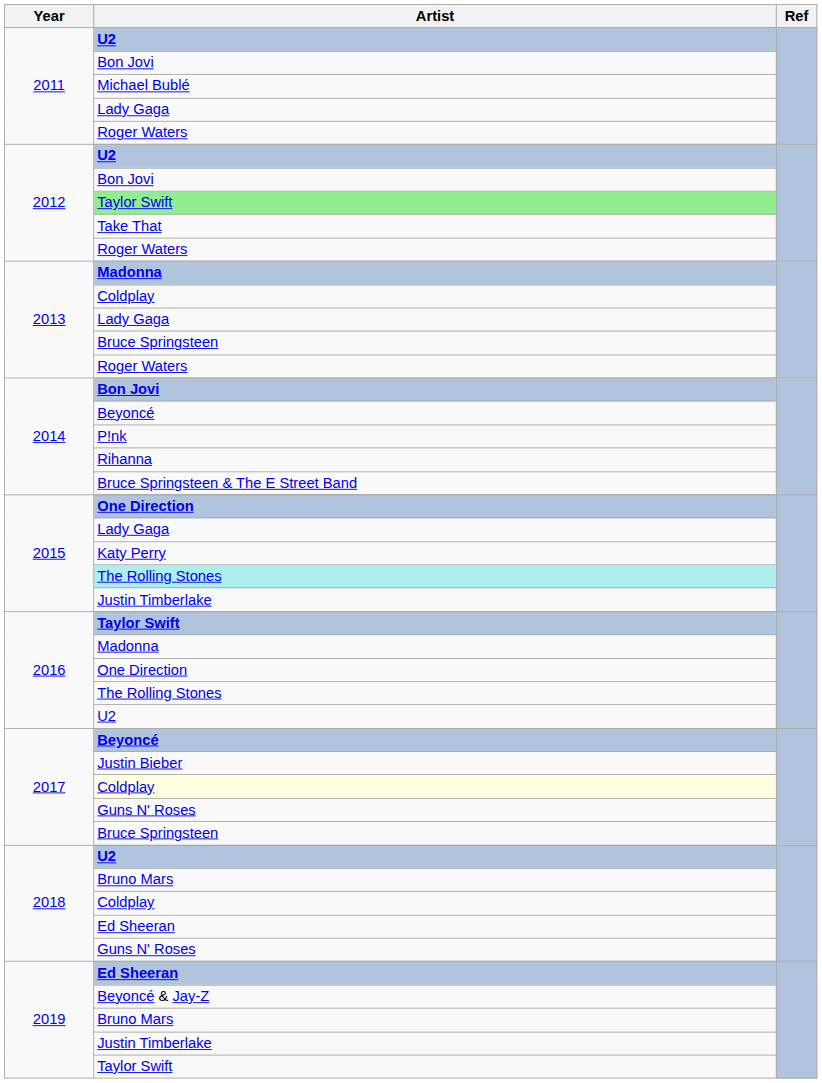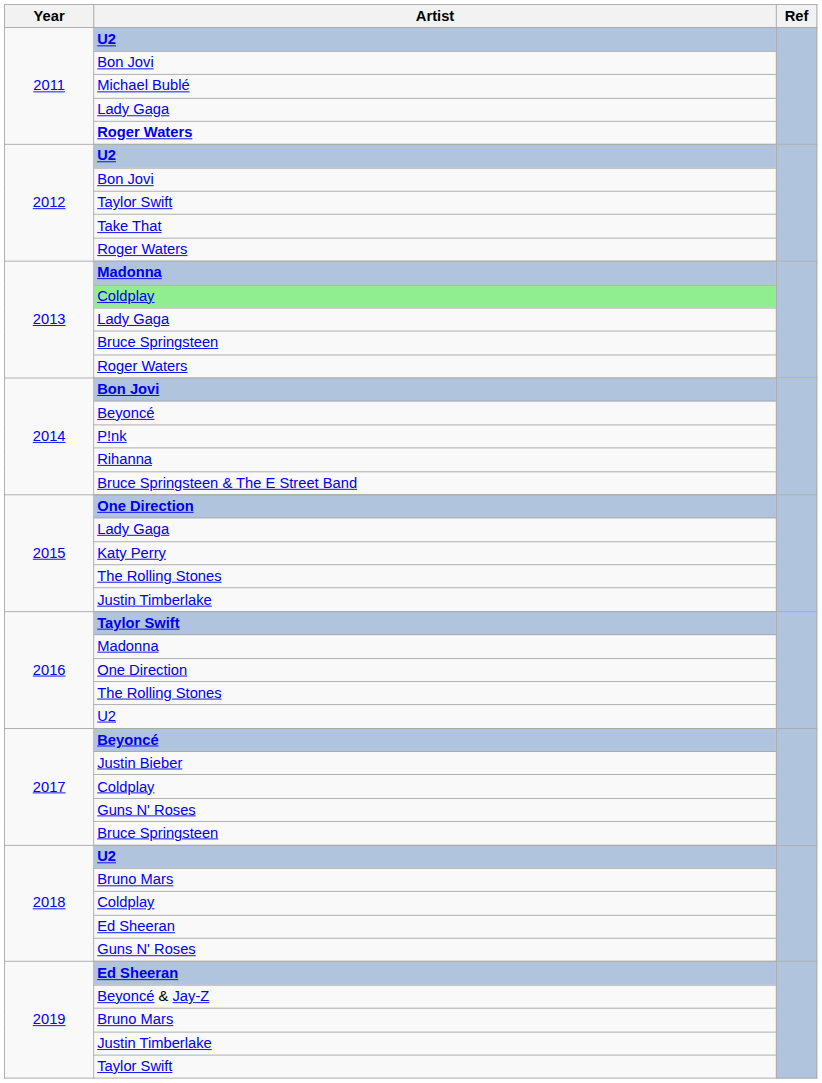 <table class="wikitable" style="width:100%;">
 <tr style="background:#bebebe;">
 <th style="width:11%;">Year</th>
 <th style="width:84%;">Artist</th>
 <th style="width:5%;">Ref</th>
 </tr>
 <tr>
 <td rowspan="6" align="center"><a href='#'>2011</a></td>
 </tr>
 <tr style="background:#B0C4DE">
 <td><strong><a href='#'>U2</a></strong></td>
 <td rowspan="6" align="center"></td>
 </tr>
 <tr>
 <td><a href='#'>Bon Jovi</a></td>
 </tr>
 <tr>
 <td><a href='#'>Michael Bublé</a></td>
 </tr>
 <tr>
 <td><a href='#'>Lady Gaga</a></td>
 </tr>
 <tr>
-<td><a href='#'>Roger Waters</a></td>
+<td><strong><a href='#'>Roger Waters</a></strong></td>
 </tr>
 <tr>
 <td rowspan="6" align="center"><a href='#'>2012</a></td>
 </tr>
 <tr style="background:#B0C4DE">
 <td><strong><a href='#'>U2</a></strong></td>
 <td rowspan="6" align="center"></td>
 </tr>
 <tr>
 <td><a href='#'>Bon Jovi</a></td>
 </tr>
 <tr>
-<td style="background: lightgreen;"><a href='#'>Taylor Swift</a></td>
+<td><a href='#'>Taylor Swift</a></td>
 </tr>
 <tr>
 <td><a href='#'>Take That</a></td>
 </tr>
 <tr>
 <td><a href='#'>Roger Waters</a></td>
 </tr>
 <tr>
 <td rowspan="6" align="center"><a href='#'>2013</a></td>
 </tr>
 <tr style="background:#B0C4DE">
 <td><strong><a href='#'>Madonna</a></strong></td>
 <td rowspan="6" align="center"></td>
 </tr>
 <tr>
-<td><a href='#'>Coldplay</a></td>
+<td style="background: lightgreen;"><a href='#'>Coldplay</a></td>
 </tr>
 <tr>
 <td><a href='#'>Lady Gaga</a></td>
 </tr>
 <tr>
 <td><a href='#'>Bruce Springsteen</a></td>
 </tr>
 <tr>
 <td><a href='#'>Roger Waters</a></td>
 </tr>
 <tr>
 <td rowspan="6" align="center"><a href='#'>2014</a></td>
 </tr>
 <tr style="background:#B0C4DE">
 <td><strong><a href='#'>Bon Jovi</a></strong></td>
 <td rowspan="6" align="center"></td>
 </tr>
 <tr>
 <td><a href='#'>Beyoncé</a></td>
 </tr>
 <tr>
 <td><a href='#'>P!nk</a></td>
 </tr>
 <tr>
 <td><a href='#'>Rihanna</a></td>
 </tr>
 <tr>
 <td><a href='#'>Bruce Springsteen & The E Street Band</a></td>
 </tr>
 <tr>
 <td rowspan="6" align="center"><a href='#'>2015</a></td>
 </tr>
 <tr style="background:#B0C4DE">
 <td><strong><a href='#'>One Direction</a></strong></td>
 <td rowspan="6" align="center"></td>
 </tr>
 <tr>
 <td><a href='#'>Lady Gaga</a></td>
 </tr>
 <tr>
 <td><a href='#'>Katy Perry</a></td>
 </tr>
 <tr>
-<td style="background: paleturquoise;"><a href='#'>The Rolling Stones</a></td>
+<td><a href='#'>The Rolling Stones</a></td>
 </tr>
 <tr>
 <td><a href='#'>Justin Timberlake</a></td>
 </tr>
 <tr>
 <td rowspan="6" align="center"><a href='#'>2016</a></td>
 </tr>
 <tr style="background:#B0C4DE">
 <td><strong><a href='#'>Taylor Swift</a></strong></td>
 <td rowspan="6" align="center"></td>
 </tr>
 <tr>
 <td><a href='#'>Madonna</a></td>
 </tr>
 <tr>
 <td><a href='#'>One Direction</a></td>
 </tr>
 <tr>
 <td><a href='#'>The Rolling Stones</a></td>
 </tr>
 <tr>
 <td><a href='#'>U2</a></td>
 </tr>
 <tr>
 <td rowspan="6" align="center"><a href='#'>2017</a></td>
 </tr>
 <tr style="background:#B0C4DE">
 <td><strong><a href='#'>Beyoncé</a></strong></td>
 <td rowspan="6" align="center"></td>
 </tr>
 <tr>
 <td><a href='#'>Justin Bieber</a></td>
 </tr>
 <tr>
-<td style="background: lightyellow;"><a href='#'>Coldplay</a></td>
+<td><a href='#'>Coldplay</a></td>
 </tr>
 <tr>
 <td><a href='#'>Guns N' Roses</a></td>
 </tr>
 <tr>
 <td><a href='#'>Bruce Springsteen</a></td>
 </tr>
 <tr>
 <td rowspan="6" align="center"><a href='#'>2018</a></td>
 </tr>
 <tr style="background:#B0C4DE">
 <td><strong><a href='#'>U2</a></strong></td>
 <td rowspan="6" align="center"></td>
 </tr>
 <tr>
 <td><a href='#'>Bruno Mars</a></td>
 </tr>
 <tr>
 <td><a href='#'>Coldplay</a></td>
 </tr>
 <tr>
 <td><a href='#'>Ed Sheeran</a></td>
 </tr>
 <tr>
 <td><a href='#'>Guns N' Roses</a></td>
 </tr>
 <tr>
 <td rowspan="6" align="center"><a href='#'>2019</a></td>
 </tr>
 <tr style="background:#B0C4DE">
 <td><strong><a href='#'>Ed Sheeran</a></strong></td>
 <td rowspan="6" align="center"></td>
 </tr>
 <tr>
 <td><a href='#'>Beyoncé</a> & <a href='#'>Jay-Z</a></td>
 </tr>
 <tr>
 <td><a href='#'>Bruno Mars</a></td>
 </tr>
 <tr>
 <td><a href='#'>Justin Timberlake</a></td>
 </tr>
 <tr>
 <td><a href='#'>Taylor Swift</a></td>
 </tr>
 </table>
